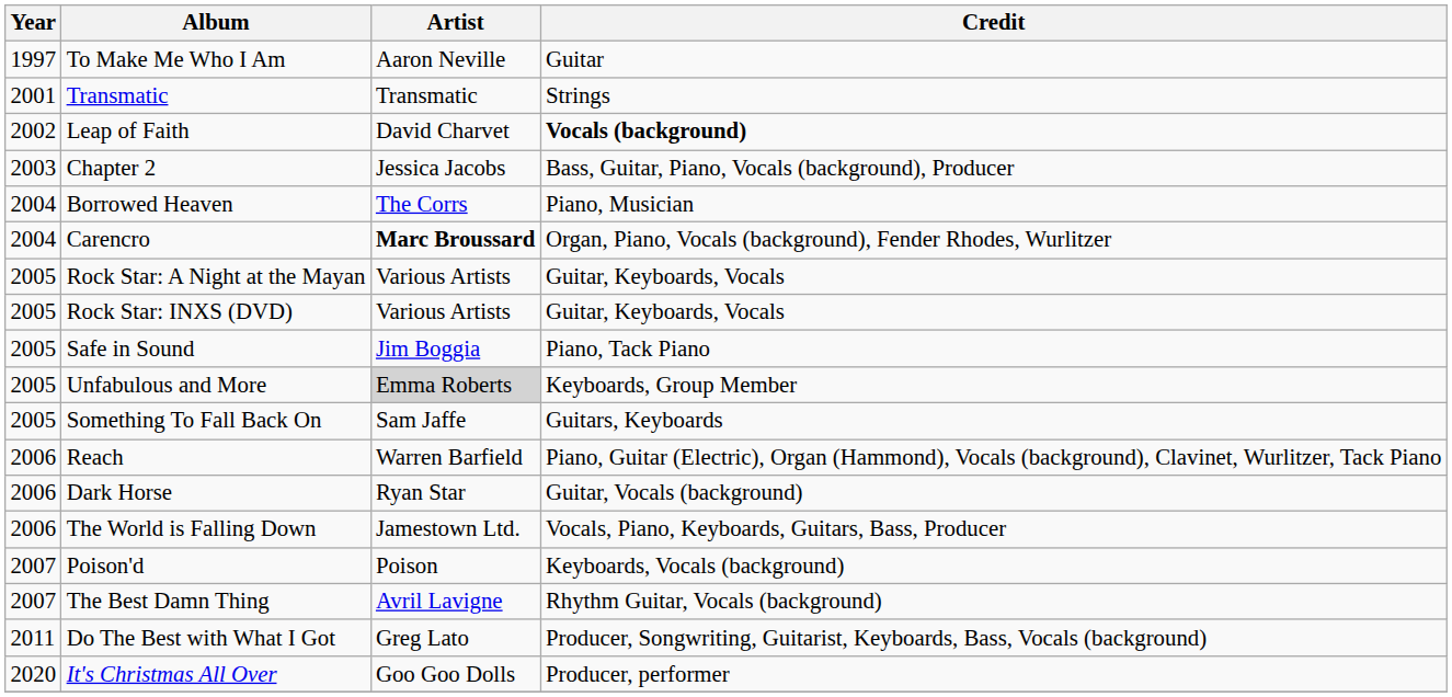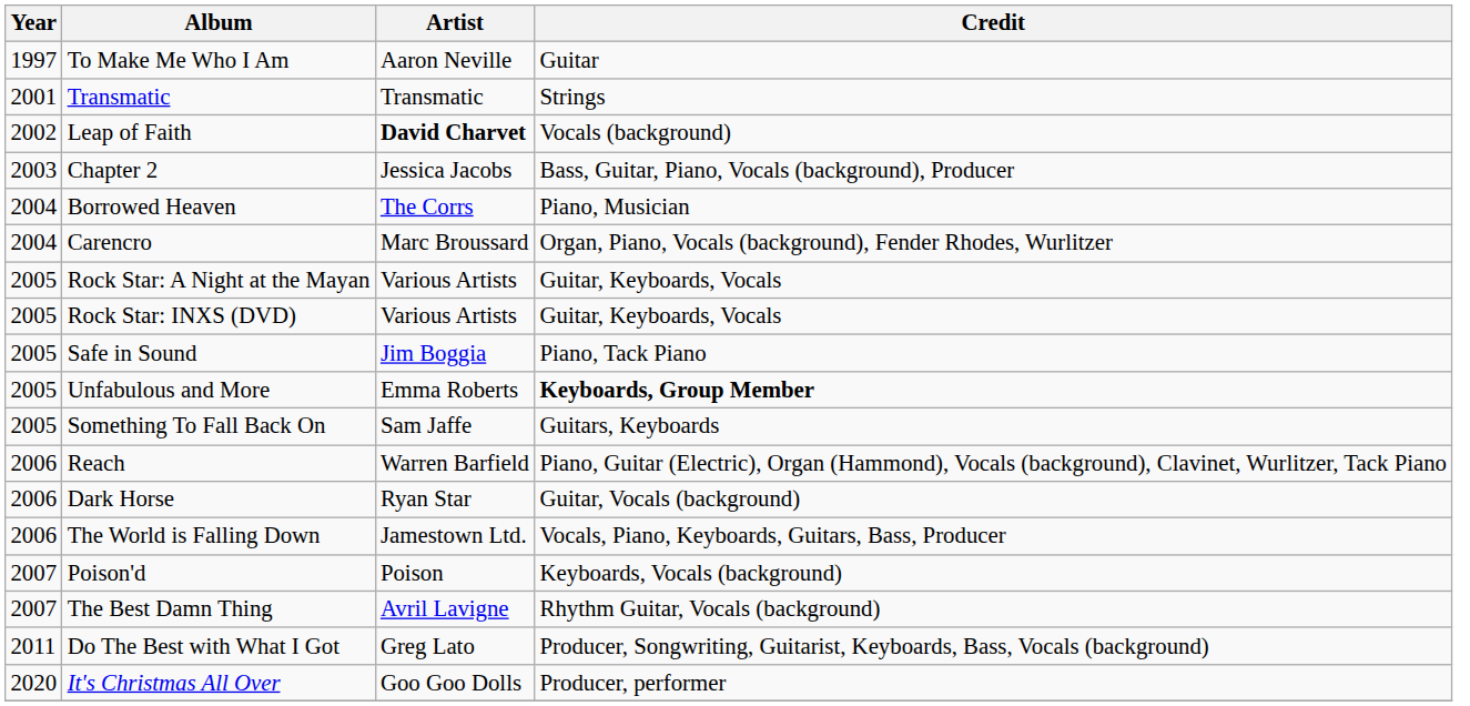 <table class="wikitable plainrowheaders">
 <tr>
 <th scope="col">Year</th>
 <th scope="col">Album</th>
 <th scope="col">Artist</th>
 <th scope="col">Credit</th>
 </tr>
 <tr>
 <td>1997</td>
 <td>To Make Me Who I Am</td>
 <td>Aaron Neville</td>
 <td>Guitar</td>
 </tr>
 <tr>
 <td>2001</td>
 <td><a href='#'>Transmatic</a></td>
 <td>Transmatic</td>
 <td>Strings</td>
 </tr>
 <tr>
 <td>2002</td>
 <td>Leap of Faith</td>
-<td>David Charvet</td>
-<td><strong>Vocals (background)</strong></td>
+<td><strong>David Charvet</strong></td>
+<td>Vocals (background)</td>
 </tr>
 <tr>
 <td>2003</td>
 <td>Chapter 2</td>
 <td>Jessica Jacobs</td>
 <td>Bass, Guitar, Piano, Vocals (background), Producer</td>
 </tr>
 <tr>
 <td>2004</td>
 <td>Borrowed Heaven</td>
 <td><a href='#'>The Corrs</a></td>
 <td>Piano, Musician</td>
 </tr>
 <tr>
 <td>2004</td>
 <td>Carencro</td>
-<td><strong>Marc Broussard</strong></td>
+<td>Marc Broussard</td>
 <td>Organ, Piano, Vocals (background), Fender Rhodes, Wurlitzer</td>
 </tr>
 <tr>
 <td>2005</td>
 <td>Rock Star: A Night at the Mayan</td>
 <td>Various Artists</td>
 <td>Guitar, Keyboards, Vocals</td>
 </tr>
 <tr>
 <td>2005</td>
 <td>Rock Star: INXS (DVD)</td>
 <td>Various Artists</td>
 <td>Guitar, Keyboards, Vocals</td>
 </tr>
 <tr>
 <td>2005</td>
 <td>Safe in Sound</td>
 <td><a href='#'>Jim Boggia</a></td>
 <td>Piano, Tack Piano</td>
 </tr>
 <tr>
 <td>2005</td>
 <td>Unfabulous and More</td>
-<td style="background: lightgrey;">Emma Roberts</td>
-<td>Keyboards, Group Member</td>
+<td>Emma Roberts</td>
+<td><strong>Keyboards, Group Member</strong></td>
 </tr>
 <tr>
 <td>2005</td>
 <td>Something To Fall Back On</td>
 <td>Sam Jaffe</td>
 <td>Guitars, Keyboards</td>
 </tr>
 <tr>
 <td>2006</td>
 <td>Reach</td>
 <td>Warren Barfield</td>
 <td>Piano, Guitar (Electric), Organ (Hammond), Vocals (background), Clavinet, Wurlitzer, Tack Piano</td>
 </tr>
 <tr>
 <td>2006</td>
 <td>Dark Horse</td>
 <td>Ryan Star</td>
 <td>Guitar, Vocals (background)</td>
 </tr>
 <tr>
 <td>2006</td>
 <td>The World is Falling Down</td>
 <td>Jamestown Ltd.</td>
 <td>Vocals, Piano, Keyboards, Guitars, Bass, Producer</td>
 </tr>
 <tr>
 <td>2007</td>
 <td>Poison'd</td>
 <td>Poison</td>
 <td>Keyboards, Vocals (background)</td>
 </tr>
 <tr>
 <td>2007</td>
 <td>The Best Damn Thing</td>
 <td><a href='#'>Avril Lavigne</a></td>
 <td>Rhythm Guitar, Vocals (background)</td>
 </tr>
 <tr>
 <td>2011</td>
 <td>Do The Best with What I Got</td>
 <td>Greg Lato</td>
 <td>Producer, Songwriting, Guitarist, Keyboards, Bass, Vocals (background)</td>
 </tr>
 <tr>
 <td>2020</td>
 <td><em><a href='#'>It's Christmas All Over</a></em></td>
 <td>Goo Goo Dolls</td>
 <td>Producer, performer</td>
 </tr>
 <tr>
 </tr>
 </table>
